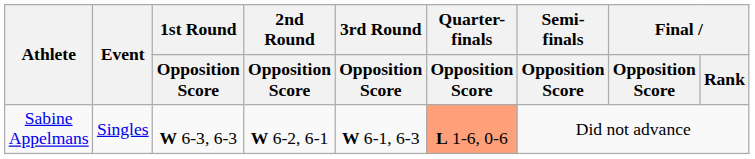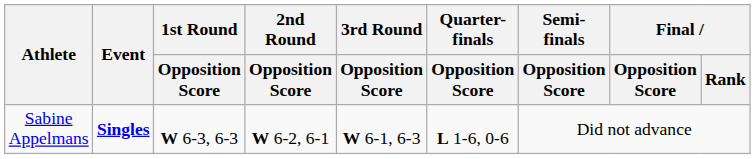 <table class=wikitable style="font-size:90%">
 <tr>
 <th rowspan="2">Athlete</th>
 <th rowspan="2">Event</th>
 <th>1st Round</th>
 <th>2nd Round</th>
 <th>3rd Round</th>
 <th>Quarter-finals</th>
 <th>Semi-finals</th>
 <th colspan="2">Final / </th>
 </tr>
 <tr>
 <th>Opposition<br>Score</th>
 <th>Opposition<br>Score</th>
 <th>Opposition<br>Score</th>
 <th>Opposition<br>Score</th>
 <th>Opposition<br>Score</th>
 <th>Opposition<br>Score</th>
 <th>Rank</th>
 </tr>
 <tr align=center>
 <td><a href='#'>Sabine Appelmans</a></td>
-<td><a href='#'>Singles</a></td>
+<td><strong><a href='#'>Singles</a></strong></td>
 <td> <br><strong>W</strong> 6-3, 6-3</td>
 <td> <br><strong>W</strong> 6-2, 6-1</td>
 <td> <br><strong>W</strong> 6-1, 6-3</td>
-<td style="background: lightsalmon;"> <br><strong>L</strong> 1-6, 0-6</td>
+<td> <br><strong>L</strong> 1-6, 0-6</td>
 <td colspan=3>Did not advance</td>
 </tr>
 </table>
